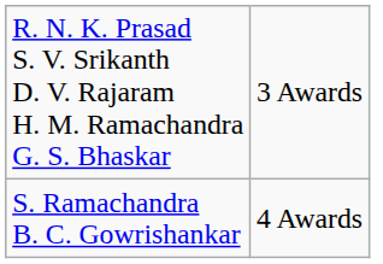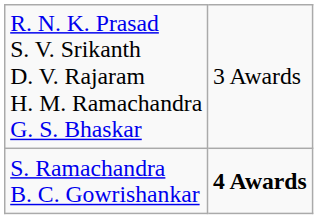 <table class="wikitable sortable">
 <tr>
 <td><a href='#'>R. N. K. Prasad</a><br>S. V. Srikanth<br>D. V. Rajaram<br>H. M. Ramachandra<br><a href='#'>G. S. Bhaskar</a></td>
 <td>3 Awards</td>
 </tr>
 <tr>
 <td><a href='#'>S. Ramachandra</a><br><a href='#'>B. C. Gowrishankar</a></td>
-<td>4 Awards</td>
+<td><strong>4 Awards</strong></td>
 </tr>
 </table>
